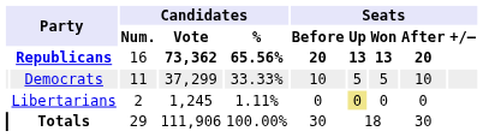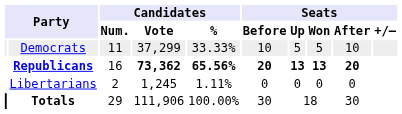 <table class="toccolours sortable" style="text-align:center;">
 <tr style="background:lavender">
 <th rowspan="2" colspan="2">Party</th>
 <th colspan=3>Candidates</th>
 <th colspan=5>Seats</th>
 </tr>
 <tr>
 <th align="center">Num.</th>
 <th align="center">Vote</th>
 <th align="center">%</th>
 <th align="center">Before</th>
 <th align="center">Up</th>
 <th align="center">Won</th>
 <th align="center">After</th>
 <th>+/–</th>
 </tr>
-<tr>
-<th style="background-color:"></th>
-<td><strong><a href='#'>Republicans</a></strong></td>
-<td>16</td>
-<td><strong>73,362</strong></td>
-<td><strong>65.56%</strong></td>
-<td><strong>20</strong></td>
-<td><strong>13</strong></td>
-<td><strong>13</strong></td>
-<td><strong>20</strong></td>
-<td></td>
-</tr>
 <tr style="background:#EEEEEE;">
 <th style="background-color:"></th>
 <td><a href='#'>Democrats</a></td>
 <td>11</td>
 <td>37,299</td>
 <td>33.33%</td>
 <td>10</td>
 <td>5</td>
 <td>5</td>
 <td>10</td>
 <td></td>
 </tr>
 <tr>
 <th style="background-color:"></th>
+<td><strong><a href='#'>Republicans</a></strong></td>
+<td>16</td>
+<td><strong>73,362</strong></td>
+<td><strong>65.56%</strong></td>
+<td><strong>20</strong></td>
+<td><strong>13</strong></td>
+<td><strong>13</strong></td>
+<td><strong>20</strong></td>
+<td></td>
+</tr>
+<tr>
+<th style="background-color:"></th>
 <td><a href='#'>Libertarians</a></td>
 <td>2</td>
 <td>1,245</td>
 <td>1.11%</td>
 <td>0</td>
-<td style="background: khaki;">0</td>
+<td>0</td>
 <td>0</td>
 <td>0</td>
 <td></td>
 </tr>
 <tr>
 <th style="background-color:#000000"></th>
 <td><strong>Totals</strong></td>
 <td>29</td>
 <td>111,906</td>
 <td>100.00%</td>
 <td>30</td>
 <td colspan=2>18</td>
 <td>30</td>
 <td></td>
 </tr>
 </table>
